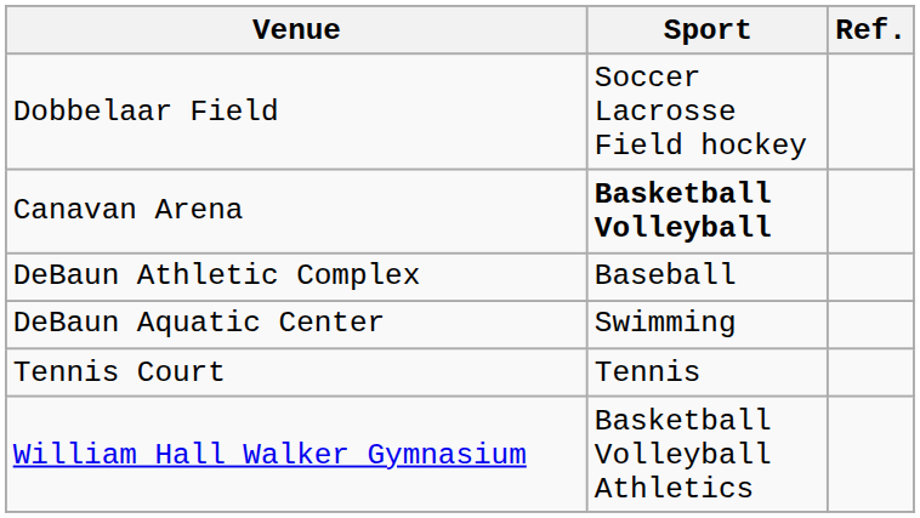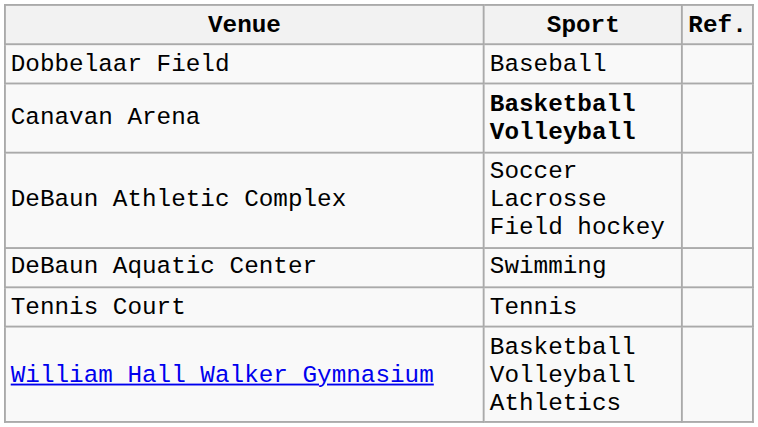 <table class="wikitable"; style= "text-align: ">
 <tr>
 <th width=250px>Venue</th>
 <th width=100px>Sport</th>
 <th width=px>Ref.</th>
 </tr>
 <tr>
 <td>Dobbelaar Field</td>
-<td>Soccer <br>Lacrosse <br> Field hockey</td>
+<td>Baseball</td>
 <td></td>
 </tr>
 <tr>
 <td>Canavan Arena</td>
 <td><strong>Basketball <br> Volleyball</strong></td>
 <td></td>
 </tr>
 <tr>
 <td>DeBaun Athletic Complex</td>
-<td>Baseball</td>
+<td>Soccer <br>Lacrosse <br> Field hockey</td>
 <td></td>
 </tr>
 <tr>
 <td>DeBaun Aquatic Center</td>
 <td>Swimming</td>
 <td></td>
 </tr>
 <tr>
 <td>Tennis Court</td>
 <td>Tennis</td>
 <td></td>
 </tr>
 <tr>
 <td><a href='#'>William Hall Walker Gymnasium</a></td>
 <td>Basketball <br> Volleyball <br> Athletics</td>
 <td></td>
 </tr>
 </table>
